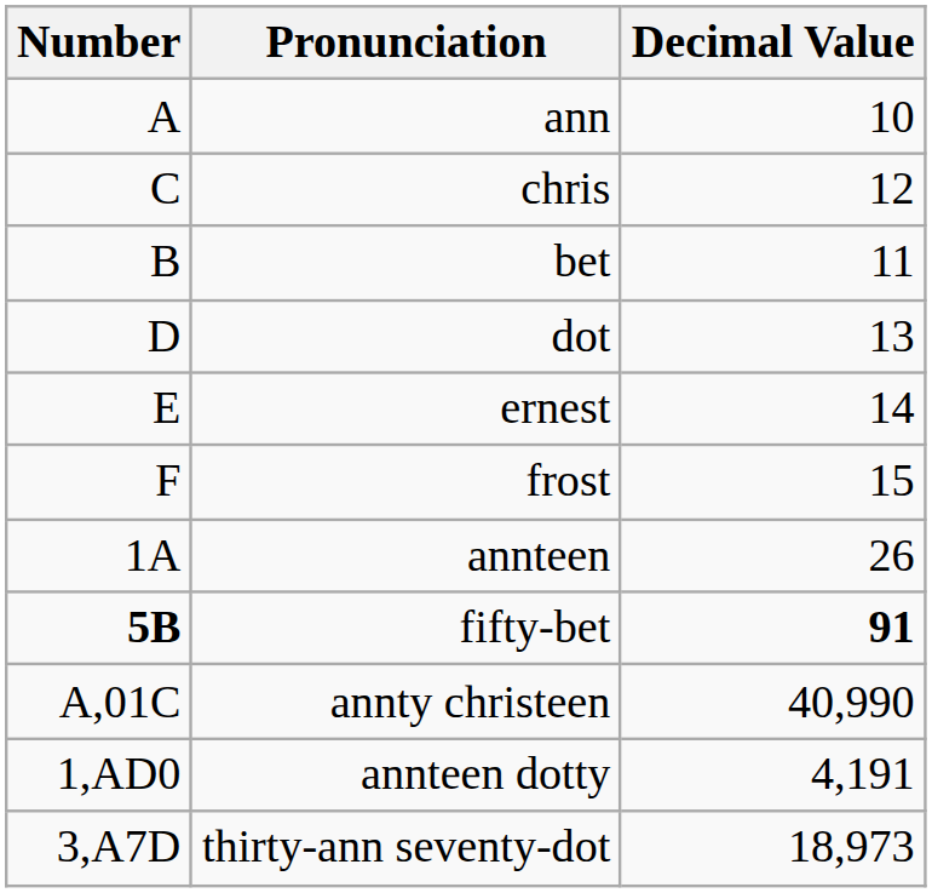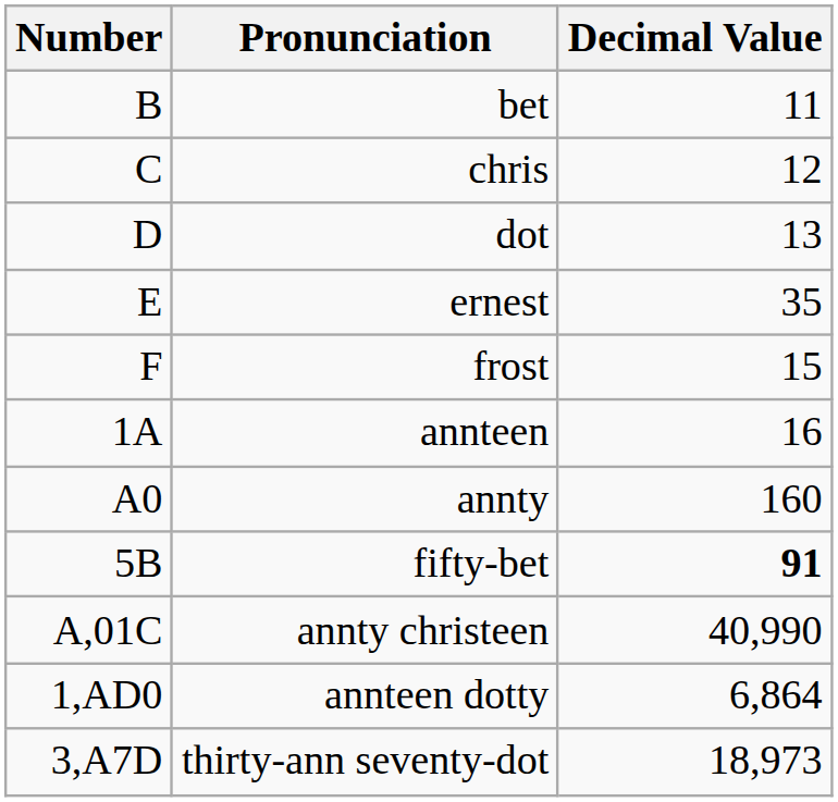 <table class="wikitable" style="display: inline-table; margin-right: 50px;; text-align:right;">
 <tr>
 <th>Number</th>
 <th>Pronunciation</th>
 <th>Decimal Value</th>
 </tr>
 <tr>
-<td>A</td>
-<td>ann</td>
-<td>10</td>
+<td>B</td>
+<td>bet</td>
+<td>11</td>
 </tr>
 <tr>
 <td>C</td>
 <td>chris</td>
 <td>12</td>
-</tr>
-<tr>
-<td>B</td>
-<td>bet</td>
-<td>11</td>
 </tr>
 <tr>
 <td>D</td>
 <td>dot</td>
 <td>13</td>
 </tr>
 <tr>
 <td>E</td>
 <td>ernest</td>
-<td>14</td>
+<td>35</td>
 </tr>
 <tr>
 <td>F</td>
 <td>frost</td>
 <td>15</td>
 </tr>
 <tr>
 <td>1A</td>
 <td>annteen</td>
-<td>26</td>
+<td>16</td>
 </tr>
 <tr>
-<td><strong>5B</strong></td>
+<td>A0</td>
+<td>annty</td>
+<td>160</td>
+</tr>
+<tr>
+<td>5B</td>
 <td>fifty-bet</td>
 <td><strong>91</strong></td>
 </tr>
 <tr>
 <td>A,01C</td>
 <td>annty christeen</td>
 <td>40,990</td>
 </tr>
 <tr>
 <td>1,AD0</td>
 <td>annteen dotty</td>
-<td>4,191</td>
+<td>6,864</td>
 </tr>
 <tr>
 <td>3,A7D</td>
 <td>thirty-ann seventy-dot</td>
 <td>18,973</td>
 </tr>
 </table>
